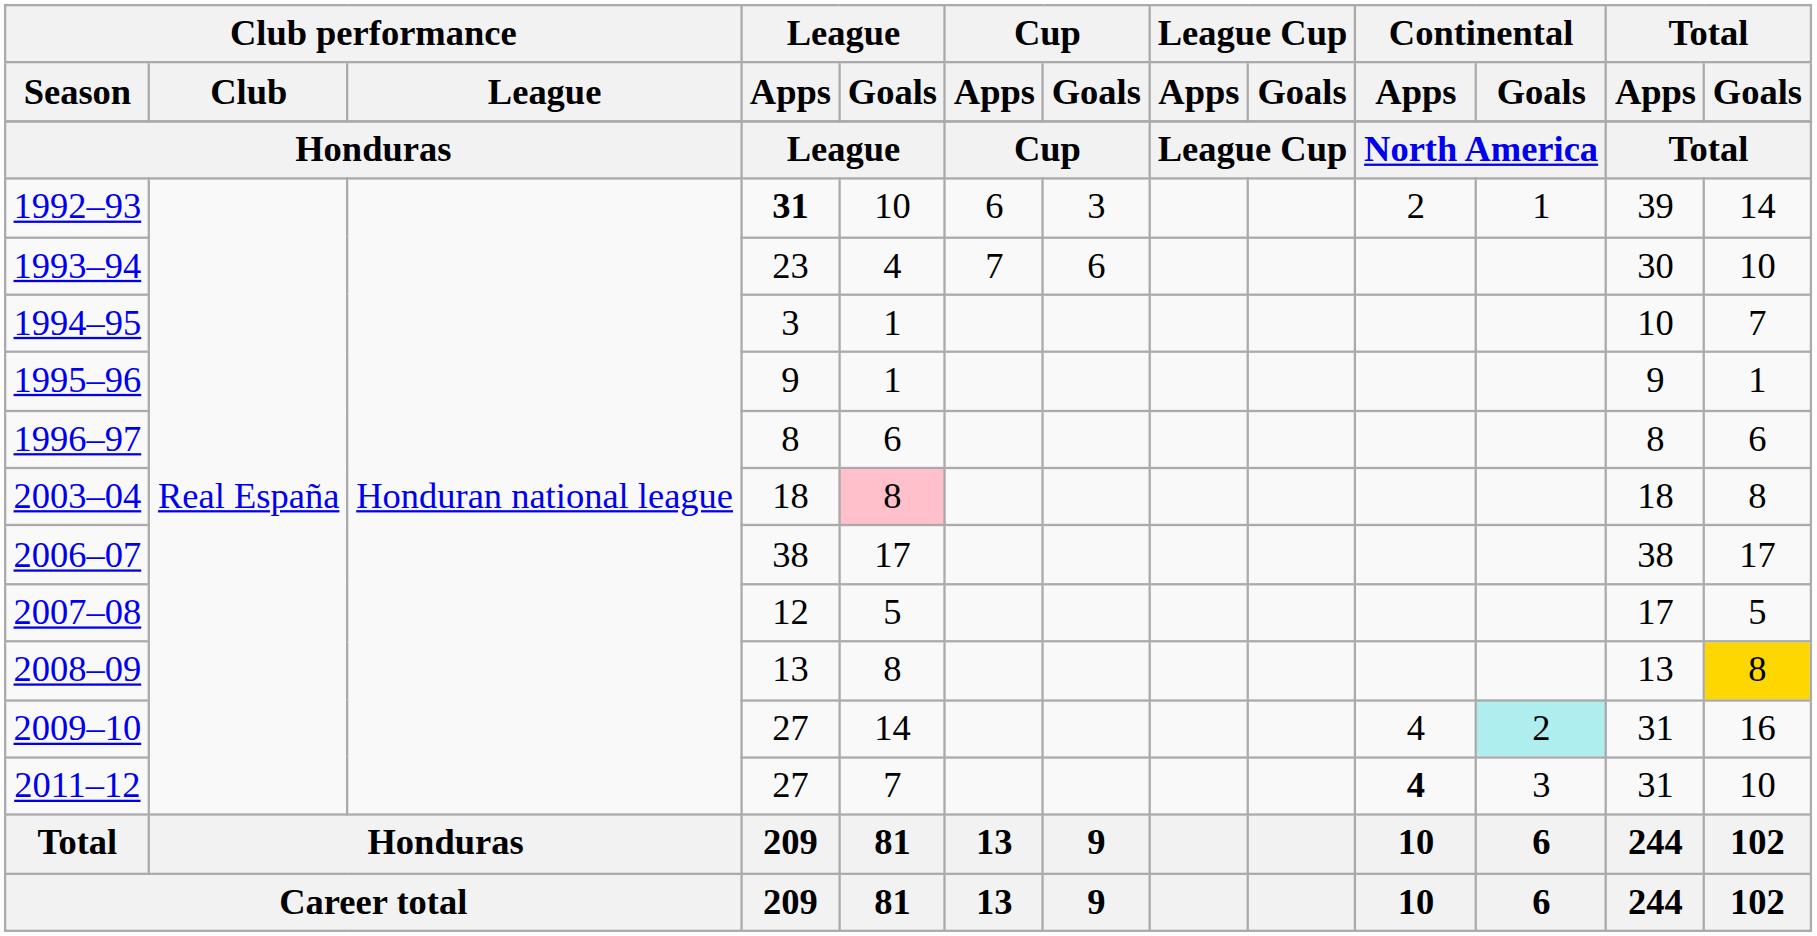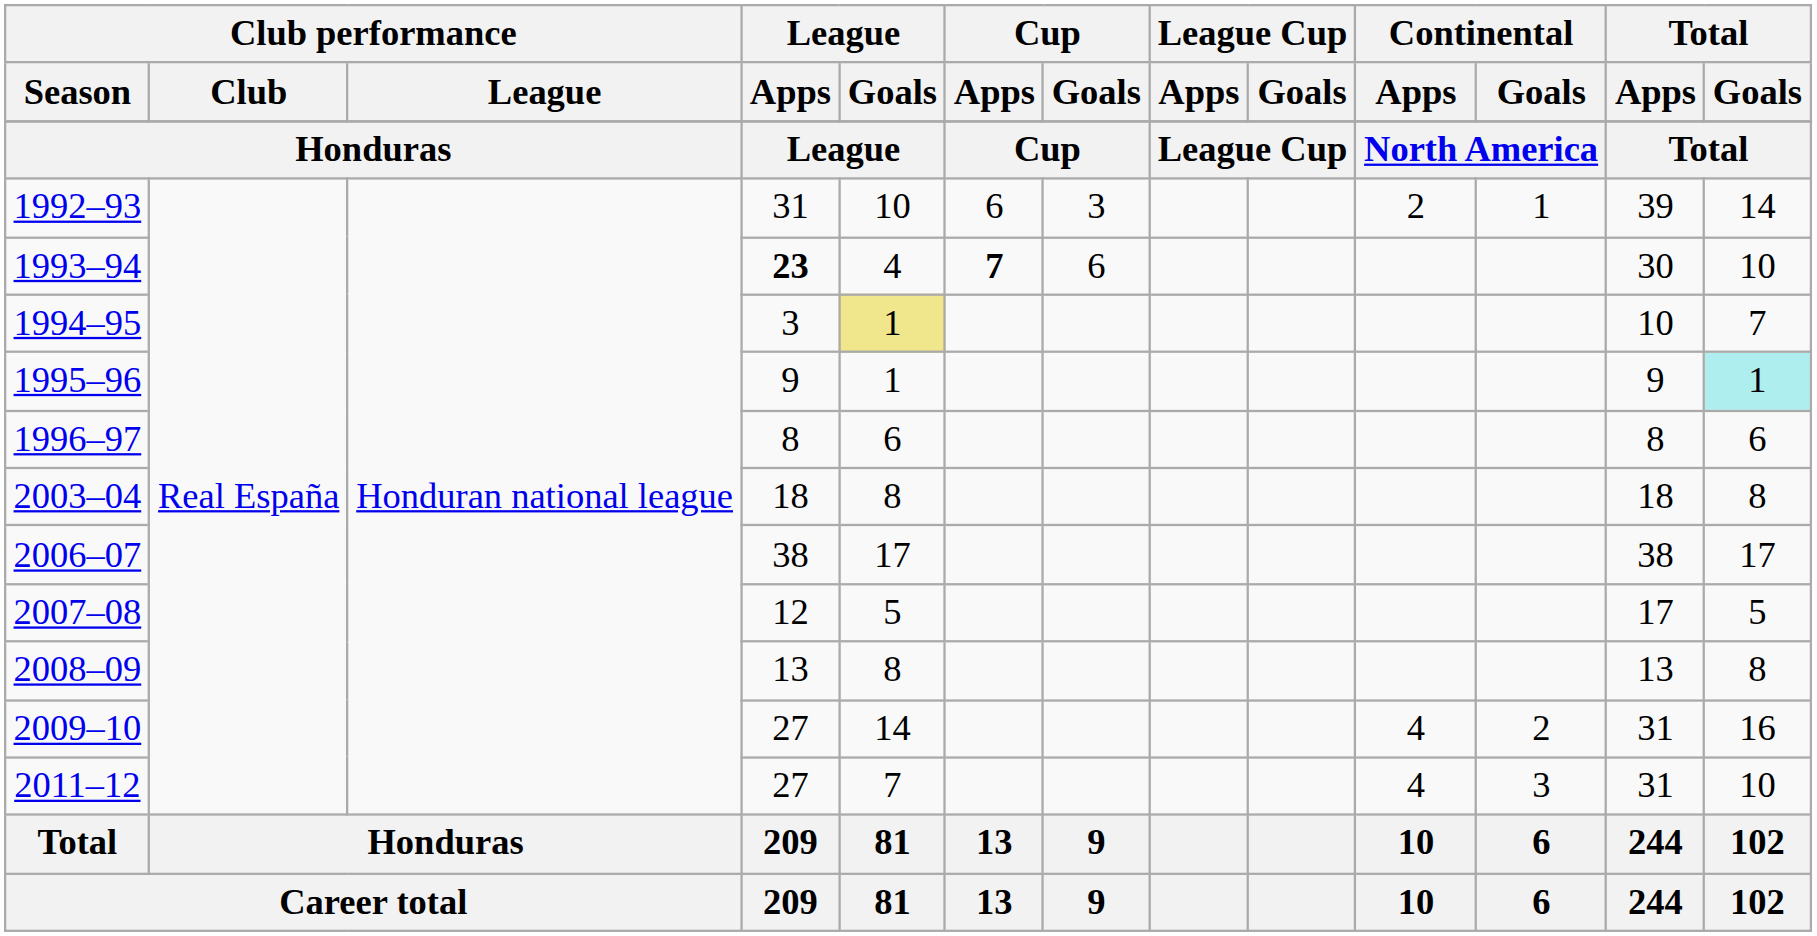 <table class="wikitable" style="text-align:center">
 <tr>
 <th colspan=3>Club performance</th>
 <th colspan=2>League</th>
 <th colspan=2>Cup</th>
 <th colspan=2>League Cup</th>
 <th colspan=2>Continental</th>
 <th colspan=2>Total</th>
 </tr>
 <tr>
 <th>Season</th>
 <th>Club</th>
 <th>League</th>
 <th>Apps</th>
 <th>Goals</th>
 <th>Apps</th>
 <th>Goals</th>
 <th>Apps</th>
 <th>Goals</th>
 <th>Apps</th>
 <th>Goals</th>
 <th>Apps</th>
 <th>Goals</th>
 </tr>
 <tr>
 </tr>
 <tr>
 <th colspan=3>Honduras</th>
 <th colspan=2>League</th>
 <th colspan=2>Cup</th>
 <th colspan=2>League Cup</th>
 <th colspan=2><a href='#'>North America</a></th>
 <th colspan=2>Total</th>
 </tr>
 <tr>
 <td><a href='#'>1992–93</a></td>
 <td rowspan="11"><a href='#'>Real España</a></td>
 <td rowspan="11"><a href='#'>Honduran national league</a></td>
-<td><strong>31</strong></td>
+<td>31</td>
 <td>10</td>
 <td>6</td>
 <td>3</td>
 <td></td>
 <td></td>
 <td>2</td>
 <td>1</td>
 <td>39</td>
 <td>14</td>
 </tr>
 <tr>
 <td><a href='#'>1993–94</a></td>
-<td>23</td>
+<td><strong>23</strong></td>
 <td>4</td>
-<td>7</td>
+<td><strong>7</strong></td>
 <td>6</td>
 <td></td>
 <td></td>
 <td></td>
 <td></td>
 <td>30</td>
 <td>10</td>
 </tr>
 <tr>
 <td><a href='#'>1994–95</a></td>
 <td>3</td>
-<td>1</td>
+<td style="background: khaki;">1</td>
 <td></td>
 <td></td>
 <td></td>
 <td></td>
 <td></td>
 <td></td>
 <td>10</td>
 <td>7</td>
 </tr>
 <tr>
 <td><a href='#'>1995–96</a></td>
 <td>9</td>
 <td>1</td>
 <td></td>
 <td></td>
 <td></td>
 <td></td>
 <td></td>
 <td></td>
 <td>9</td>
-<td>1</td>
+<td style="background: paleturquoise;">1</td>
 </tr>
 <tr>
 <td><a href='#'>1996–97</a></td>
 <td>8</td>
 <td>6</td>
 <td></td>
 <td></td>
 <td></td>
 <td></td>
 <td></td>
 <td></td>
 <td>8</td>
 <td>6</td>
 </tr>
 <tr>
 <td><a href='#'>2003–04</a></td>
 <td>18</td>
-<td style="background: pink;">8</td>
+<td>8</td>
 <td></td>
 <td></td>
 <td></td>
 <td></td>
 <td></td>
 <td></td>
 <td>18</td>
 <td>8</td>
 </tr>
 <tr>
 <td><a href='#'>2006–07</a></td>
 <td>38</td>
 <td>17</td>
 <td></td>
 <td></td>
 <td></td>
 <td></td>
 <td></td>
 <td></td>
 <td>38</td>
 <td>17</td>
 </tr>
 <tr>
 <td><a href='#'>2007–08</a></td>
 <td>12</td>
 <td>5</td>
 <td></td>
 <td></td>
 <td></td>
 <td></td>
 <td></td>
 <td></td>
 <td>17</td>
 <td>5</td>
 </tr>
 <tr>
 <td><a href='#'>2008–09</a></td>
 <td>13</td>
 <td>8</td>
 <td></td>
 <td></td>
 <td></td>
 <td></td>
 <td></td>
 <td></td>
 <td>13</td>
-<td style="background: gold;">8</td>
+<td>8</td>
 </tr>
 <tr>
 <td><a href='#'>2009–10</a></td>
 <td>27</td>
 <td>14</td>
 <td></td>
 <td></td>
 <td></td>
 <td></td>
 <td>4</td>
-<td style="background: paleturquoise;">2</td>
+<td>2</td>
 <td>31</td>
 <td>16</td>
 </tr>
 <tr>
 <td><a href='#'>2011–12</a></td>
 <td>27</td>
 <td>7</td>
 <td></td>
 <td></td>
 <td></td>
 <td></td>
-<td><strong>4</strong></td>
+<td>4</td>
 <td>3</td>
 <td>31</td>
 <td>10</td>
 </tr>
 <tr>
 <th rowspan=1>Total</th>
 <th colspan=2>Honduras</th>
 <th>209</th>
 <th>81</th>
 <th>13</th>
 <th>9</th>
 <th></th>
 <th></th>
 <th>10</th>
 <th>6</th>
 <th>244</th>
 <th>102</th>
 </tr>
 <tr>
 <th colspan=3>Career total</th>
 <th>209</th>
 <th>81</th>
 <th>13</th>
 <th>9</th>
 <th></th>
 <th></th>
 <th>10</th>
 <th>6</th>
 <th>244</th>
 <th>102</th>
 </tr>
 </table>
